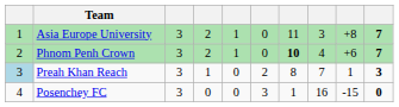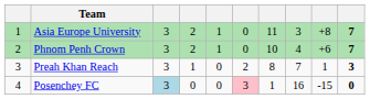 <table class="wikitable" style="text-align: center;">
 <tr>
 <th width=30></th>
 <th width=165>Team</th>
 <th width=30></th>
 <th width=30></th>
 <th width=30></th>
 <th width=30></th>
 <th width=30></th>
 <th width=30></th>
 <th width=30></th>
 <th width=30></th>
 </tr>
 <tr bgcolor=#ACE1AF>
 <td>1</td>
 <td align=left><a href='#'>Asia Europe University</a></td>
 <td>3</td>
 <td>2</td>
 <td>1</td>
 <td>0</td>
 <td>11</td>
 <td>3</td>
 <td>+8</td>
 <td><strong>7</strong></td>
 </tr>
 <tr bgcolor=#ACE1AF>
 <td>2</td>
 <td align=left><a href='#'>Phnom Penh Crown</a></td>
 <td>3</td>
 <td>2</td>
 <td>1</td>
 <td>0</td>
-<td><strong>10</strong></td>
+<td>10</td>
 <td>4</td>
 <td>+6</td>
 <td><strong>7</strong></td>
 </tr>
 <tr>
-<td style="background: lightblue;">3</td>
+<td>3</td>
 <td align=left><a href='#'>Preah Khan Reach</a></td>
 <td>3</td>
 <td>1</td>
 <td>0</td>
 <td>2</td>
 <td>8</td>
 <td>7</td>
 <td>1</td>
 <td><strong>3</strong></td>
 </tr>
 <tr>
 <td>4</td>
 <td align=left><a href='#'>Posenchey FC</a></td>
-<td>3</td>
+<td style="background: lightblue;">3</td>
 <td>0</td>
 <td>0</td>
-<td>3</td>
+<td style="background: pink;">3</td>
 <td>1</td>
 <td>16</td>
 <td>-15</td>
 <td><strong>0</strong></td>
 </tr>
 </table>
